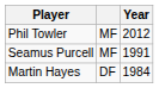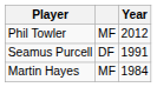 <table class="wikitable">
 <tr>
 <th width=px>Player</th>
 <th width=px></th>
 <th width=px>Year</th>
 </tr>
 <tr>
 <td>Phil Towler</td>
 <td>MF</td>
 <td>2012</td>
 </tr>
 <tr>
 <td>Seamus Purcell</td>
-<td>MF</td>
+<td>DF</td>
 <td>1991</td>
 </tr>
 <tr>
 <td>Martin Hayes</td>
-<td>DF</td>
+<td>MF</td>
 <td>1984</td>
 </tr>
 </table>
